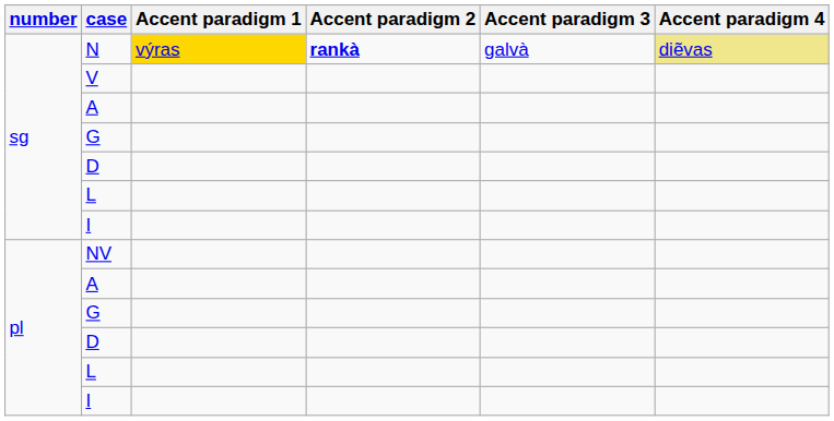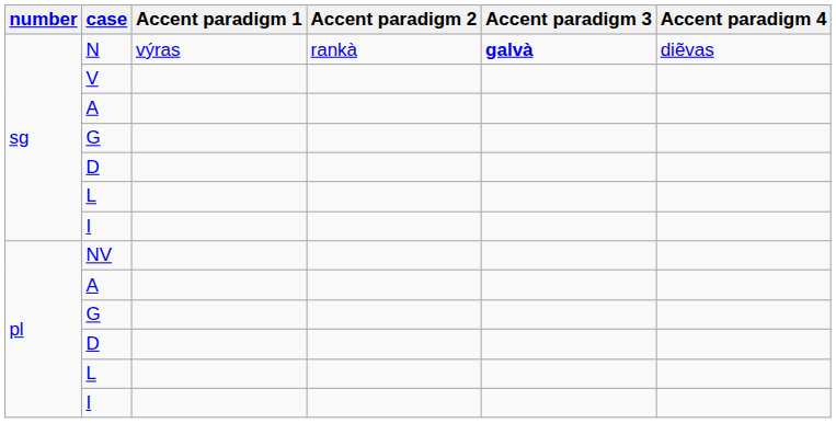 <table class="wikitable">
 <tr>
 <th><a href='#'>number</a></th>
 <th><a href='#'>case</a></th>
 <th>Accent paradigm 1</th>
 <th>Accent paradigm 2</th>
 <th>Accent paradigm 3</th>
 <th>Accent paradigm 4</th>
 </tr>
 <tr>
 <td rowspan=7><a href='#'>sg</a></td>
 <td><a href='#'>N</a></td>
-<td style="background: gold;"><a href='#'>výras</a></td>
-<td><strong><a href='#'>rankà</a></strong></td>
-<td><a href='#'>galvà</a></td>
-<td style="background: khaki;"><a href='#'>diẽvas</a></td>
+<td><a href='#'>výras</a></td>
+<td><a href='#'>rankà</a></td>
+<td><strong><a href='#'>galvà</a></strong></td>
+<td><a href='#'>diẽvas</a></td>
 </tr>
 <tr>
 <td><a href='#'>V</a></td>
 <td></td>
 <td></td>
 <td></td>
 <td></td>
 </tr>
 <tr>
 <td><a href='#'>A</a></td>
 <td></td>
 <td></td>
 <td></td>
 <td></td>
 </tr>
 <tr>
 <td><a href='#'>G</a></td>
 <td></td>
 <td></td>
 <td></td>
 <td></td>
 </tr>
 <tr>
 <td><a href='#'>D</a></td>
 <td></td>
 <td></td>
 <td></td>
 <td></td>
 </tr>
 <tr>
 <td><a href='#'>L</a></td>
 <td></td>
 <td></td>
 <td></td>
 <td></td>
 </tr>
 <tr>
 <td><a href='#'>I</a></td>
 <td></td>
 <td></td>
 <td></td>
 <td></td>
 </tr>
 <tr>
 <td rowspan=6><a href='#'>pl</a></td>
 <td><a href='#'>N</a><a href='#'>V</a></td>
 <td></td>
 <td></td>
 <td></td>
 <td></td>
 </tr>
 <tr>
 <td><a href='#'>A</a></td>
 <td></td>
 <td></td>
 <td></td>
 <td></td>
 </tr>
 <tr>
 <td><a href='#'>G</a></td>
 <td></td>
 <td></td>
 <td></td>
 <td></td>
 </tr>
 <tr>
 <td><a href='#'>D</a></td>
 <td></td>
 <td></td>
 <td></td>
 <td></td>
 </tr>
 <tr>
 <td><a href='#'>L</a></td>
 <td></td>
 <td></td>
 <td></td>
 <td></td>
 </tr>
 <tr>
 <td><a href='#'>I</a></td>
 <td></td>
 <td></td>
 <td></td>
 <td></td>
 </tr>
 </table>
